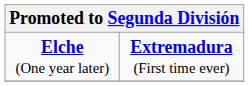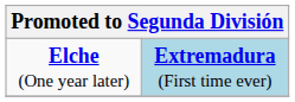 <table class="wikitable" style="text-align: center; margin: 0 auto;">
 <tr>
 <th colspan="2">Promoted to <a href='#'>Segunda División</a></th>
 </tr>
 <tr>
 <td><strong><a href='#'>Elche</a></strong><br><small>(One year later)</small></td>
-<td><strong><a href='#'>Extremadura</a></strong><br><small>(First time ever)</small></td>
+<td style="background: lightblue;"><strong><a href='#'>Extremadura</a></strong><br><small>(First time ever)</small></td>
 </tr>
 <tr>
 </tr>
 </table>
